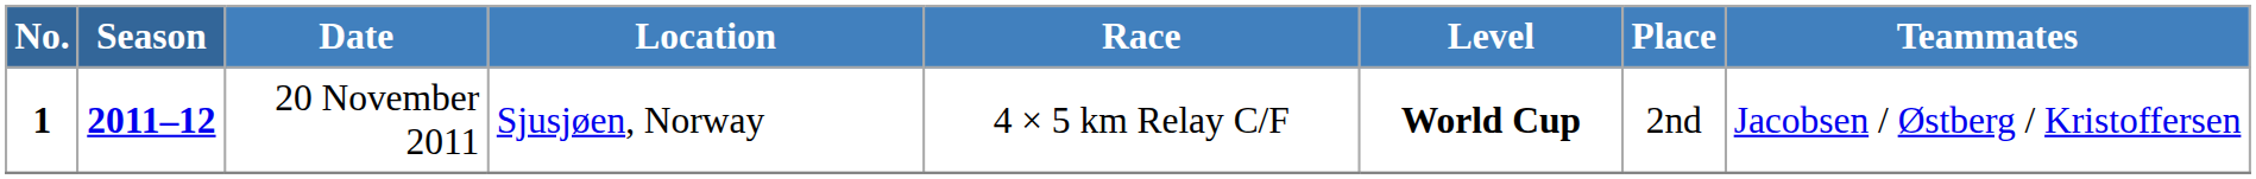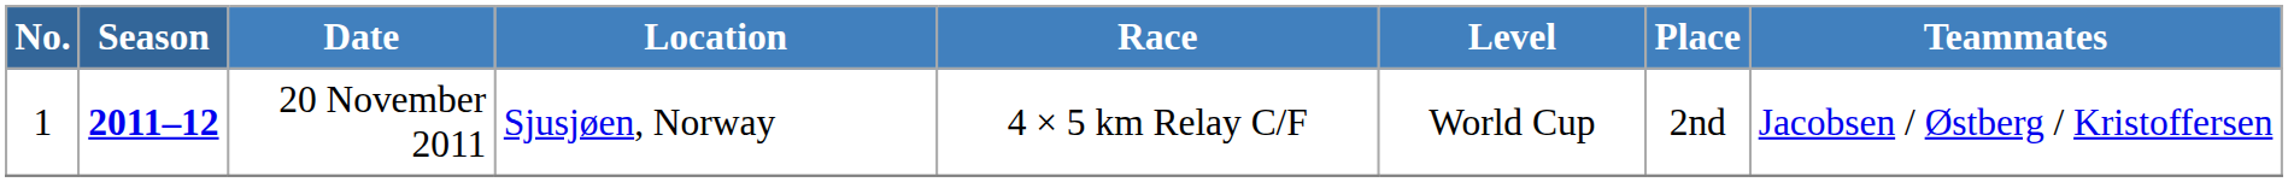 <table class="wikitable sortable" style="font-size:95%; text-align:center; border:grey solid 1px; border-collapse:collapse; background:#ffffff;">
 <tr style="background:#efefef;">
 <th style="background-color:#369; color:white;">No.</th>
 <th style="background-color:#369; color:white;">Season</th>
 <th style="background-color:#4180be; color:white; width:100px;">Date</th>
 <th style="background-color:#4180be; color:white; width:170px;">Location</th>
 <th style="background-color:#4180be; color:white; width:170px;">Race</th>
 <th style="background-color:#4180be; color:white; width:100px;">Level</th>
 <th style="background-color:#4180be; color:white;">Place</th>
 <th style="background-color:#4180be; color:white;">Teammates</th>
 </tr>
 <tr>
-<td align=center><strong>1</strong></td>
+<td align=center>1</td>
 <td rowspan=1 align=center><strong><a href='#'>2011–12</a></strong></td>
 <td align=right>20 November 2011</td>
 <td align=left> <a href='#'>Sjusjøen</a>, Norway</td>
 <td>4 × 5 km Relay C/F</td>
-<td><strong>World Cup</strong></td>
+<td>World Cup</td>
 <td>2nd</td>
 <td><a href='#'>Jacobsen</a> / <a href='#'>Østberg</a> / <a href='#'>Kristoffersen</a></td>
 </tr>
 <tr>
 </tr>
 </table>
